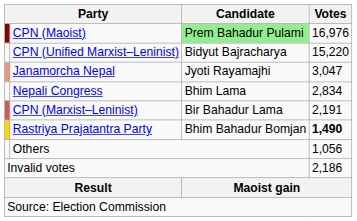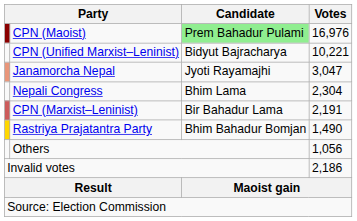 <table class="wikitable">
 <tr>
 <th colspan="2">Party</th>
 <th>Candidate</th>
 <th>Votes</th>
 </tr>
 <tr>
 <td style="background-color:darkred"></td>
 <td><a href='#'>CPN (Maoist)</a></td>
 <td style="background: lightgreen;">Prem Bahadur Pulami</td>
 <td>16,976</td>
 </tr>
 <tr>
 <td style="background-color:"></td>
 <td><a href='#'>CPN (Unified Marxist–Leninist)</a></td>
 <td>Bidyut Bajracharya</td>
-<td>15,220</td>
+<td>10,221</td>
 </tr>
 <tr>
 <td style="background-color:darksalmon"></td>
 <td><a href='#'>Janamorcha Nepal</a></td>
 <td>Jyoti Rayamajhi</td>
 <td>3,047</td>
 </tr>
 <tr>
 <td style="background-color:"></td>
 <td><a href='#'>Nepali Congress</a></td>
 <td>Bhim Lama</td>
-<td>2,834</td>
+<td>2,304</td>
 </tr>
 <tr>
 <td style="background-color:indianred"></td>
 <td><a href='#'>CPN (Marxist–Leninist)</a></td>
 <td>Bir Bahadur Lama</td>
 <td>2,191</td>
 </tr>
 <tr>
 <td style="background-color:gold"></td>
 <td><a href='#'>Rastriya Prajatantra Party</a></td>
 <td>Bhim Bahadur Bomjan</td>
-<td><strong>1,490</strong></td>
+<td>1,490</td>
 </tr>
 <tr>
 <td></td>
 <td colspan="2">Others</td>
 <td>1,056</td>
 </tr>
 <tr>
 <td colspan="3">Invalid votes</td>
 <td>2,186</td>
 </tr>
 <tr>
 <th colspan="2">Result</th>
 <th colspan="2">Maoist gain</th>
 </tr>
 <tr>
 <td colspan="4">Source: Election Commission</td>
 </tr>
 </table>
